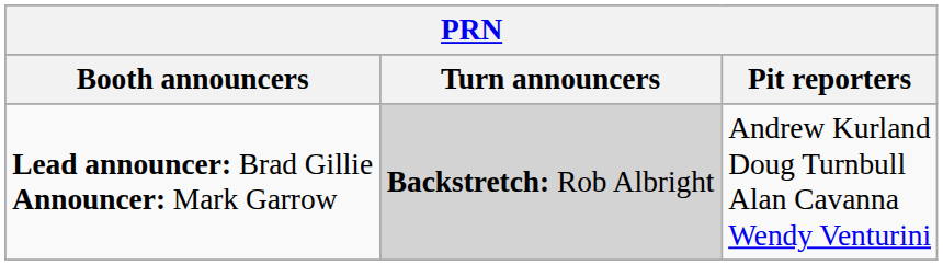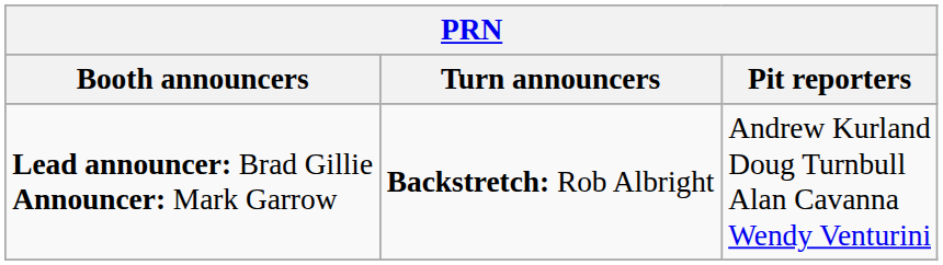 <table class="wikitable" style="font-size: 95%;">
 <tr>
 <th colspan="3"><a href='#'>PRN</a></th>
 </tr>
 <tr>
 <th>Booth announcers</th>
 <th>Turn announcers</th>
 <th>Pit reporters</th>
 </tr>
 <tr>
 <td><strong>Lead announcer:</strong> Brad Gillie <br><strong>Announcer:</strong> Mark Garrow</td>
-<td style="background: lightgrey;"><strong>Backstretch:</strong> Rob Albright</td>
+<td><strong>Backstretch:</strong> Rob Albright</td>
 <td>Andrew Kurland<br>Doug Turnbull<br>Alan Cavanna<br><a href='#'>Wendy Venturini</a></td>
 </tr>
 </table>
